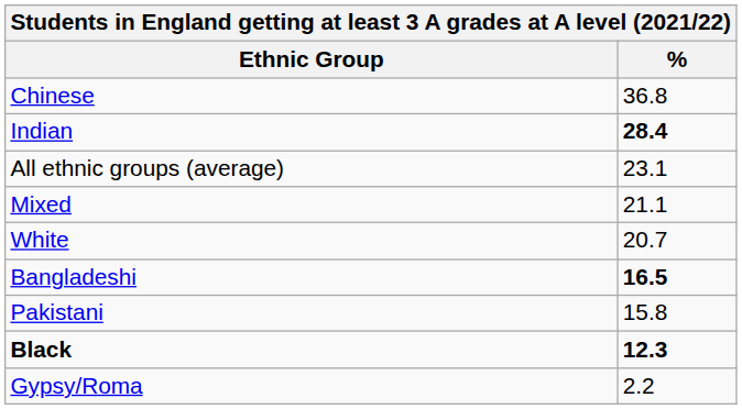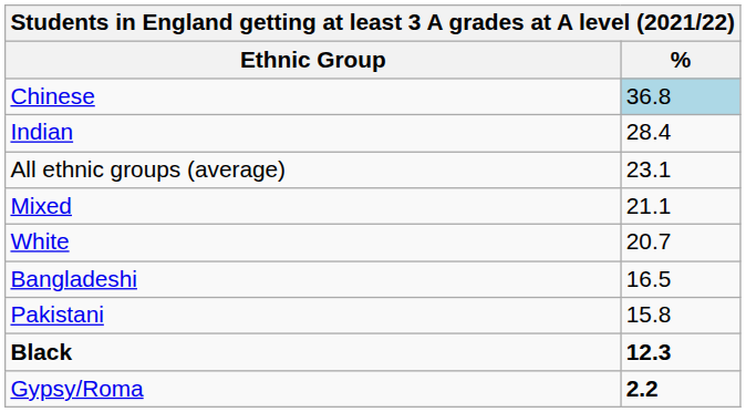 <table class="wikitable sortable">
 <tr>
 <th colspan="3">Students in England getting at least 3 A grades at A level (2021/22)</th>
 </tr>
 <tr>
 <th>Ethnic Group</th>
 <th>%</th>
 </tr>
 <tr>
 <td><a href='#'>Chinese</a></td>
-<td>36.8</td>
+<td style="background: lightblue;">36.8</td>
 </tr>
 <tr>
 <td><a href='#'>Indian</a></td>
-<td><strong>28.4</strong></td>
+<td>28.4</td>
 </tr>
 <tr>
 <td>All ethnic groups (average)</td>
 <td>23.1</td>
 </tr>
 <tr>
 <td><a href='#'>Mixed</a></td>
 <td>21.1</td>
 </tr>
 <tr>
 <td><a href='#'>White</a></td>
 <td>20.7</td>
 </tr>
 <tr>
 <td><a href='#'>Bangladeshi</a></td>
-<td><strong>16.5</strong></td>
+<td>16.5</td>
 </tr>
 <tr>
 <td><a href='#'>Pakistani</a></td>
 <td>15.8</td>
 </tr>
 <tr>
 <td><strong>Black</strong></td>
 <td><strong>12.3</strong></td>
 </tr>
 <tr>
 <td><a href='#'>Gypsy/Roma</a></td>
-<td>2.2</td>
+<td><strong>2.2</strong></td>
 </tr>
 </table>
